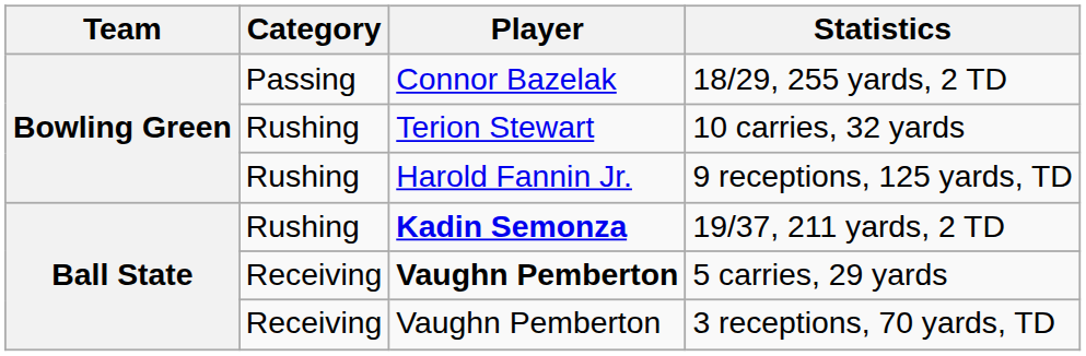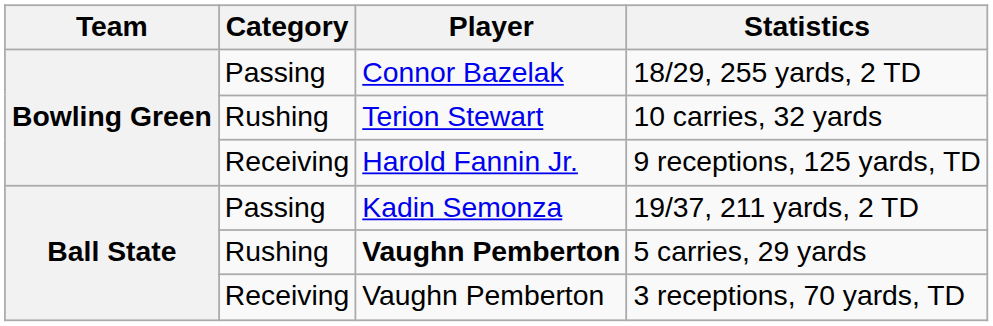 <table class="wikitable" style="float:right">
 <tr>
 <th>Team</th>
 <th>Category</th>
 <th>Player</th>
 <th>Statistics</th>
 </tr>
 <tr>
 <th rowspan=3>Bowling Green</th>
 <td>Passing</td>
 <td><a href='#'>Connor Bazelak</a></td>
 <td>18/29, 255 yards, 2 TD</td>
 </tr>
 <tr>
 <td>Rushing</td>
 <td><a href='#'>Terion Stewart</a></td>
 <td>10 carries, 32 yards</td>
 </tr>
 <tr>
-<td>Rushing</td>
+<td>Receiving</td>
 <td><a href='#'>Harold Fannin Jr.</a></td>
 <td>9 receptions, 125 yards, TD</td>
 </tr>
 <tr>
 <th rowspan=3>Ball State</th>
-<td>Rushing</td>
-<td><strong><a href='#'>Kadin Semonza</a></strong></td>
+<td>Passing</td>
+<td><a href='#'>Kadin Semonza</a></td>
 <td>19/37, 211 yards, 2 TD</td>
 </tr>
 <tr>
-<td>Receiving</td>
+<td>Rushing</td>
 <td><strong>Vaughn Pemberton</strong></td>
 <td>5 carries, 29 yards</td>
 </tr>
 <tr>
 <td>Receiving</td>
 <td>Vaughn Pemberton</td>
 <td>3 receptions, 70 yards, TD</td>
 </tr>
 </table>
